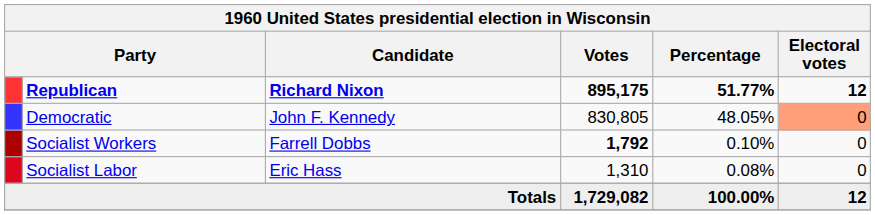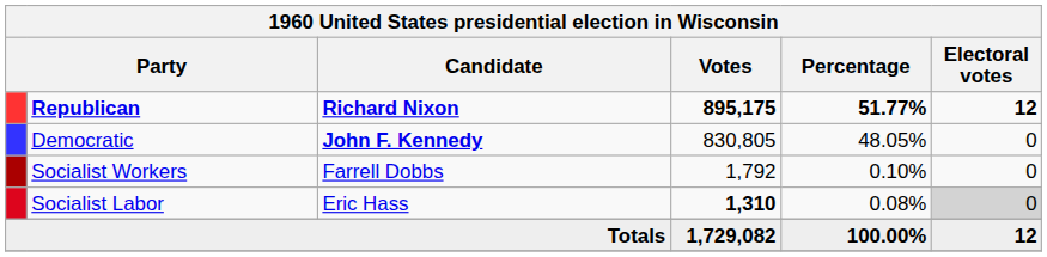 <table class="wikitable nowrap" style="font-size: 95%;">
 <tr>
 <th colspan="6">1960 United States presidential election in Wisconsin</th>
 </tr>
 <tr>
 <th colspan="2" style="width: 15em">Party</th>
 <th style="width: 17em">Candidate</th>
 <th style="width: 5em">Votes</th>
 <th style="width: 7em">Percentage</th>
 <th style="width: 5em">Electoral votes</th>
 </tr>
 <tr>
 <th style="background-color:#FF3333; width: 3px"></th>
 <td style="width: 130px"><strong><a href='#'>Republican</a></strong></td>
 <td><strong><a href='#'>Richard Nixon</a></strong></td>
 <td align="right"><strong>895,175</strong></td>
 <td align="right"><strong>51.77%</strong></td>
 <td align="right"><strong>12</strong></td>
 </tr>
 <tr>
 <th style="background-color:#3333FF; width: 3px"></th>
 <td style="width: 130px"><a href='#'>Democratic</a></td>
-<td><a href='#'>John F. Kennedy</a></td>
+<td><strong><a href='#'>John F. Kennedy</a></strong></td>
 <td align="right">830,805</td>
 <td align="right">48.05%</td>
-<td align="right" style="background: lightsalmon;">0</td>
+<td align="right">0</td>
 </tr>
 <tr>
 <th style="background-color:#AA0000; width: 3px"></th>
 <td style="width: 130px"><a href='#'>Socialist Workers</a></td>
 <td><a href='#'>Farrell Dobbs</a></td>
-<td align="right"><strong>1,792</strong></td>
+<td align="right">1,792</td>
 <td align="right">0.10%</td>
 <td align="right">0</td>
 </tr>
 <tr>
 <th style="background-color:#DD051D; width: 3px"></th>
 <td style="width: 130px"><a href='#'>Socialist Labor</a></td>
 <td><a href='#'>Eric Hass</a></td>
-<td align="right">1,310</td>
+<td align="right"><strong>1,310</strong></td>
 <td align="right">0.08%</td>
-<td align="right">0</td>
+<td align="right" style="background: lightgrey;">0</td>
 </tr>
 <tr>
 </tr>
 <tr bgcolor="#EEEEEE">
 <td colspan="3" align="right"><strong>Totals</strong></td>
 <td align="right"><strong>1,729,082</strong></td>
 <td align="right"><strong>100.00%</strong></td>
 <td align="right"><strong>12</strong></td>
 </tr>
 <tr>
 </tr>
 </table>
